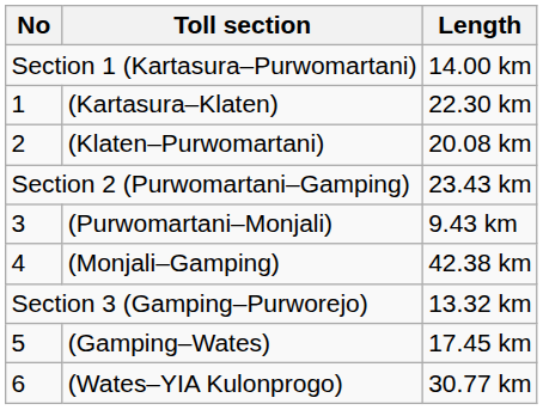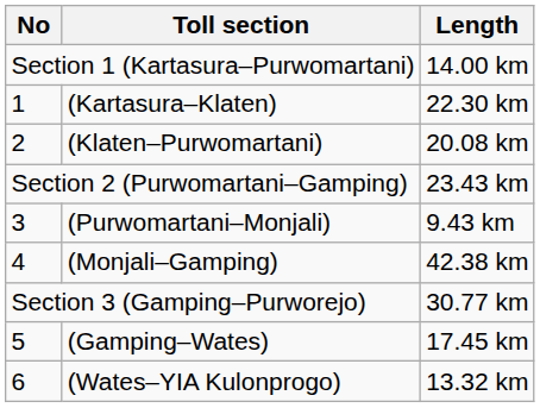 <table class="wikitable">
 <tr>
 <th>No</th>
 <th>Toll section</th>
 <th>Length</th>
 </tr>
 <tr>
 <td colspan="2">Section 1 (Kartasura–Purwomartani)</td>
 <td>14.00 km</td>
 </tr>
 <tr>
 <td>1</td>
 <td>(Kartasura–Klaten)</td>
 <td>22.30 km</td>
 </tr>
 <tr>
 <td>2</td>
 <td>(Klaten–Purwomartani)</td>
 <td>20.08 km</td>
 </tr>
 <tr>
 <td colspan="2">Section 2 (Purwomartani–Gamping)</td>
 <td>23.43 km</td>
 </tr>
 <tr>
 <td>3</td>
 <td>(Purwomartani–Monjali)</td>
 <td>9.43 km</td>
 </tr>
 <tr>
 <td>4</td>
 <td>(Monjali–Gamping)</td>
 <td>42.38 km</td>
 </tr>
 <tr>
 <td colspan="2">Section 3 (Gamping–Purworejo)</td>
-<td>13.32 km</td>
+<td>30.77 km</td>
 </tr>
 <tr>
 <td>5</td>
 <td>(Gamping–Wates)</td>
 <td>17.45 km</td>
 </tr>
 <tr>
 <td>6</td>
 <td>(Wates–YIA Kulonprogo)</td>
-<td>30.77 km</td>
+<td>13.32 km</td>
 </tr>
 </table>
